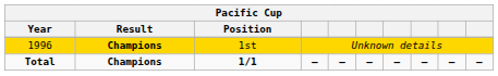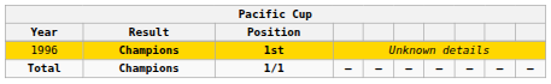 <table class="wikitable" style="text-align: center; width:50%;">
 <tr>
 <th colspan=10>Pacific Cup</th>
 </tr>
 <tr>
 <th>Year</th>
 <th>Result</th>
 <th>Position</th>
 <th></th>
 <th></th>
 <th></th>
 <th></th>
 <th></th>
 <th></th>
 <th></th>
 </tr>
 <tr>
 </tr>
 <tr>
 </tr>
 <tr>
 </tr>
 <tr bgcolor=gold>
 <td> 1996</td>
 <td><strong>Champions</strong></td>
-<td>1st</td>
+<td><strong>1st</strong></td>
 <td colspan=7><em>Unknown details</em></td>
 </tr>
 <tr>
 <td><strong>Total</strong></td>
 <td><strong>Champions</strong></td>
 <td><strong>1/1</strong></td>
 <td><strong>–</strong></td>
 <td><strong>–</strong></td>
 <td><strong>–</strong></td>
 <td><strong>–</strong></td>
 <td><strong>–</strong></td>
 <td><strong>–</strong></td>
 <td><strong>–</strong></td>
 </tr>
 </table>
